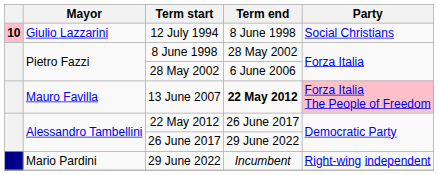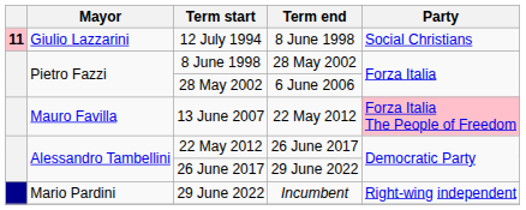 <table class="wikitable">
 <tr>
 <th class=unsortable> </th>
 <th>Mayor</th>
 <th>Term start</th>
 <th>Term end</th>
 <th>Party</th>
 </tr>
 <tr>
-<th style="background:pink;">10</th>
+<th style="background:pink;">11</th>
 <td><a href='#'>Giulio Lazzarini</a></td>
 <td align=center>12 July 1994</td>
 <td align=center>8 June 1998</td>
 <td><a href='#'>Social Christians</a></td>
 </tr>
 <tr>
 <th rowspan=2 style="background:"></th>
 <td rowspan=2>Pietro Fazzi</td>
 <td align=center>8 June 1998</td>
 <td align=center>28 May 2002</td>
 <td rowspan=2><a href='#'>Forza Italia</a></td>
 </tr>
 <tr>
 <td align=center>28 May 2002</td>
 <td align=center>6 June 2006</td>
 </tr>
 <tr>
 <th style="background:"></th>
 <td><a href='#'>Mauro Favilla</a></td>
 <td align=center>13 June 2007</td>
-<td align=center><strong>22 May 2012</strong></td>
+<td align=center>22 May 2012</td>
 <td style="background: pink;"><a href='#'>Forza Italia</a><br><a href='#'>The People of Freedom</a></td>
 </tr>
 <tr>
 <th rowspan=2 style="background:"></th>
 <td rowspan=2><a href='#'>Alessandro Tambellini</a></td>
 <td align=center>22 May 2012</td>
 <td align=center>26 June 2017</td>
 <td rowspan=2><a href='#'>Democratic Party</a></td>
 </tr>
 <tr>
 <td align=center>26 June 2017</td>
 <td align=center>29 June 2022</td>
 </tr>
 <tr>
 <th style="background:darkblue;"></th>
 <td>Mario Pardini</td>
 <td align=center>29 June 2022</td>
 <td align=center><em>Incumbent</em></td>
 <td><a href='#'>Right-wing</a> <a href='#'>independent</a></td>
 </tr>
 <tr>
 </tr>
 </table>
